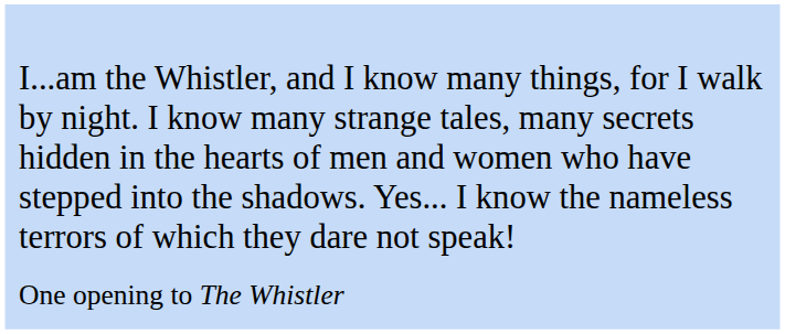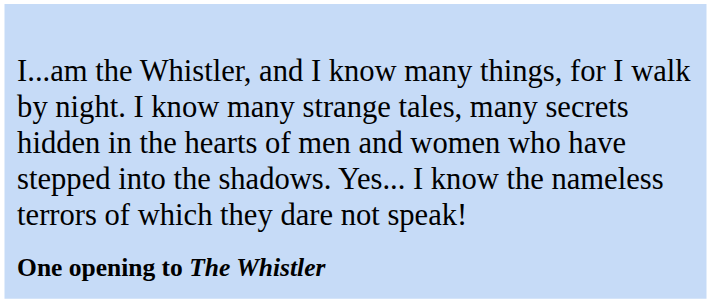 <table class="toccolours" style="float: left; margin-left: 1em; margin-right: 1em; font-size: 85%; background:#c6dbf7; color:black; width:23em; max-width: 25%;" cellspacing="5">
 <tr>
 <td style="text-align: left;"><br>I...am the Whistler, and I know many things, for I walk by night. I know many strange tales, many secrets hidden in the hearts of men and women who have stepped into the shadows. Yes... I know the nameless terrors of which they dare not speak!</td>
 </tr>
 <tr>
-<td style="text-align: left;"><small>One opening to <em>The Whistler</em></small></td>
+<td style="text-align: left;"><strong><small>One opening to <em>The Whistler</em></small></strong></td>
 </tr>
 </table>
